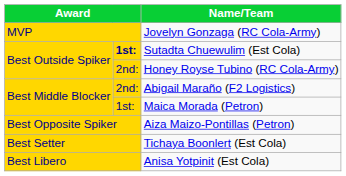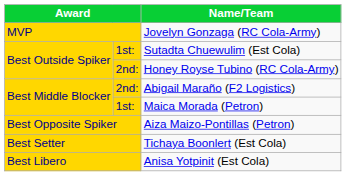 <table class="wikitable">
 <tr>
 <th style="background:#08CF35; color:#FFFFFF;" colspan="2">Award</th>
 <th style="background:#08CF35; color:#FFFFFF;">Name/Team</th>
 </tr>
 <tr>
 <td style="background:#FFD700; color:#00008B;" colspan="2">MVP</td>
 <td> <a href='#'>Jovelyn Gonzaga</a> (<a href='#'>RC Cola-Army</a>)</td>
 </tr>
 <tr>
 <td style="background:#FFD700; color:#00008B;" rowspan=2>Best Outside Spiker</td>
-<td style="background:#FFD700; color:#00008B;"><strong>1st:</strong></td>
+<td style="background:#FFD700; color:#00008B;">1st:</td>
 <td> <a href='#'>Sutadta Chuewulim</a> (Est Cola)</td>
 </tr>
 <tr>
 <td style="background:#FFD700; color:#00008B;">2nd:</td>
 <td> <a href='#'>Honey Royse Tubino</a> (<a href='#'>RC Cola-Army</a>)</td>
 </tr>
 <tr>
 <td style="background:#FFD700; color:#00008B;" rowspan="2">Best Middle Blocker</td>
 <td style="background:#FFD700; color:#00008B;">2nd:</td>
 <td> <a href='#'>Abigail Maraño</a> (<a href='#'>F2 Logistics</a>)</td>
 </tr>
 <tr>
 <td style="background:#FFD700; color:#00008B;">1st:</td>
 <td> <a href='#'>Maica Morada</a> (<a href='#'>Petron</a>)</td>
 </tr>
 <tr>
 <td style="background:#FFD700; color:#00008B;" colspan="2">Best Opposite Spiker</td>
 <td> <a href='#'>Aiza Maizo-Pontillas</a> (<a href='#'>Petron</a>)</td>
 </tr>
 <tr>
 <td style="background:#FFD700; color:#00008B;" colspan="2">Best Setter</td>
 <td> <a href='#'>Tichaya Boonlert</a> (Est Cola)</td>
 </tr>
 <tr>
 <td style="background:#FFD700; color:#00008B;" colspan="2">Best Libero</td>
 <td> <a href='#'>Anisa Yotpinit</a> (Est Cola)</td>
 </tr>
 </table>
